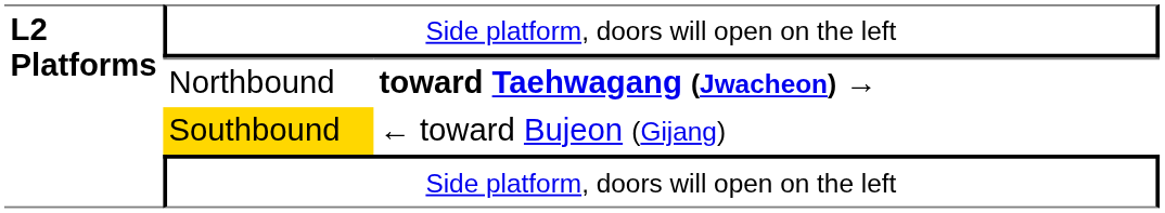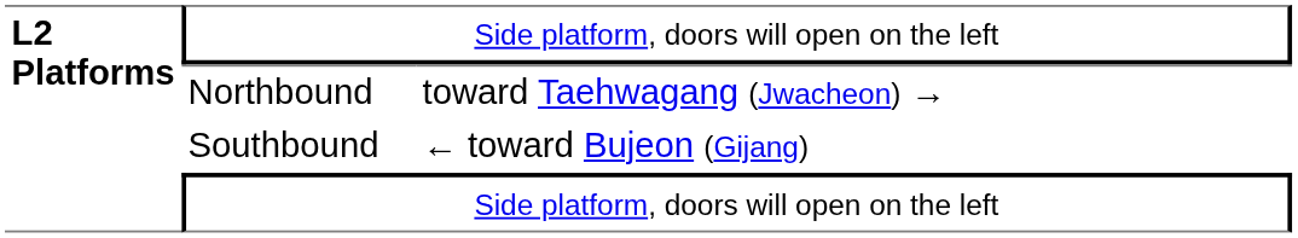 <table table border=0 cellspacing=0 cellpadding=3>
 <tr>
 <td style="border-top:solid 1px gray;border-bottom:solid 1px gray;" width=50 rowspan=10 valign=top><strong>L2<br>Platforms</strong></td>
 <td style="border-top:solid 1px gray;border-right:solid 2px black;border-left:solid 2px black;border-bottom:solid 2px black;text-align:center;" colspan=2><small><a href='#'>Side platform</a>, doors will open on the left</small></td>
 </tr>
 <tr>
 <td style="border-bottom:solid 0px gray;border-top:solid 1px gray;" width=100>Northbound</td>
-<td style="border-bottom:solid 0px gray;border-top:solid 1px gray;" width=390><strong>  toward <a href='#'>Taehwagang</a> <small> (<a href='#'>Jwacheon</a>)</small> →</strong></td>
+<td style="border-bottom:solid 0px gray;border-top:solid 1px gray;" width=390>  toward <a href='#'>Taehwagang</a> <small> (<a href='#'>Jwacheon</a>)</small> →</td>
 </tr>
 <tr>
-<td style="background: gold;">Southbound</td>
+<td>Southbound</td>
 <td>←  toward <a href='#'>Bujeon</a> <small>(<a href='#'>Gijang</a>)</small></td>
 </tr>
 <tr>
 <td style="border-top:solid 2px black;border-right:solid 2px black;border-left:solid 2px black;border-bottom:solid 1px gray;text-align:center;" colspan=2><small><a href='#'>Side platform</a>, doors will open on the left</small></td>
 </tr>
 </table>
